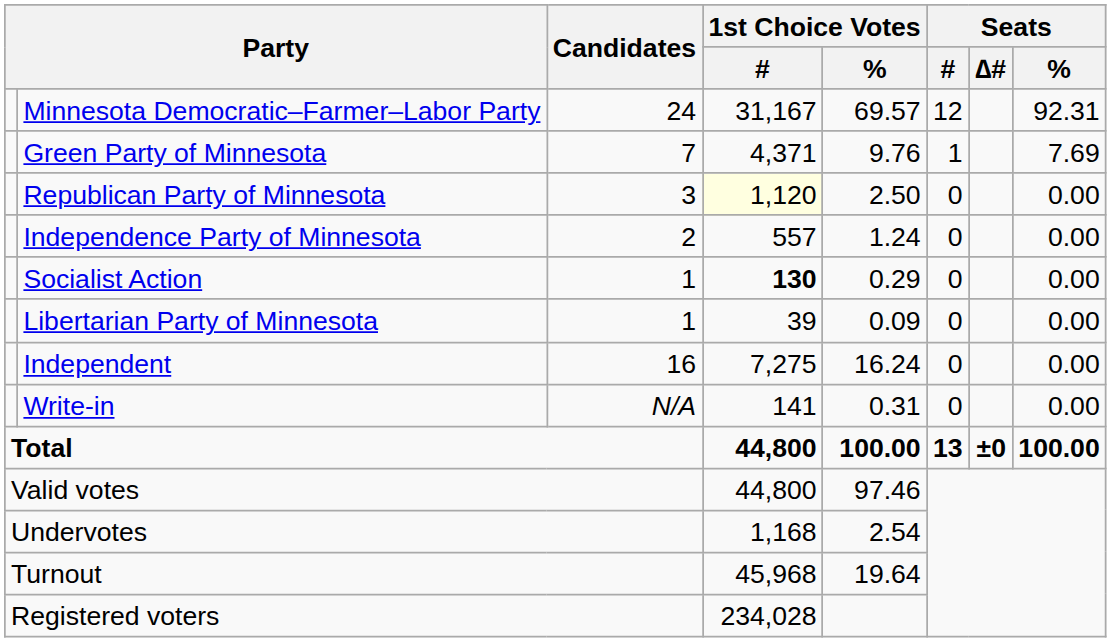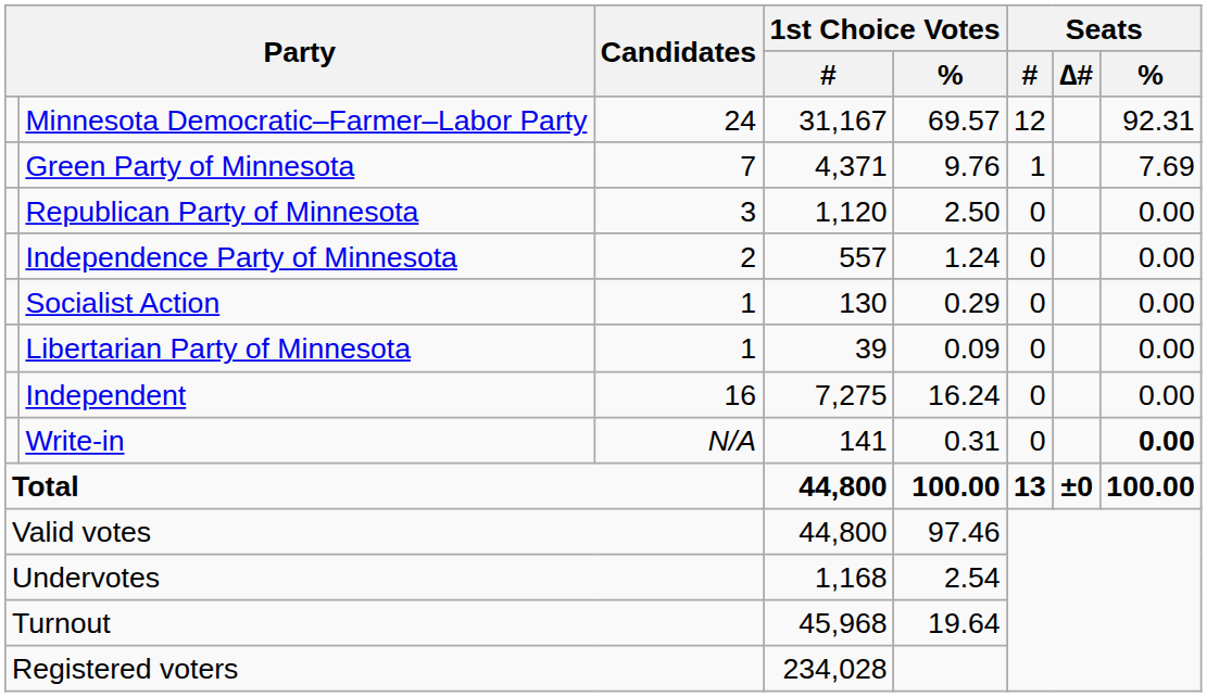 <table class="wikitable" style="font-size:95%">
 <tr>
 <th rowspan="2" colspan="2">Party</th>
 <th rowspan="2">Candidates</th>
 <th colspan="2">1st Choice Votes</th>
 <th colspan="3">Seats</th>
 </tr>
 <tr>
 <th>#</th>
 <th>%</th>
 <th>#</th>
 <th>∆#</th>
 <th>%</th>
 </tr>
 <tr>
 <td style="background-color:"></td>
 <td><a href='#'>Minnesota Democratic–Farmer–Labor Party</a></td>
 <td align="right">24</td>
 <td align="right">31,167</td>
 <td align="right">69.57</td>
 <td align="right">12</td>
 <td align="right"></td>
 <td align="right">92.31</td>
 </tr>
 <tr>
 <td style="background-color:"></td>
 <td><a href='#'>Green Party of Minnesota</a></td>
 <td align="right">7</td>
 <td align="right">4,371</td>
 <td align="right">9.76</td>
 <td align="right">1</td>
 <td align="right"></td>
 <td align="right">7.69</td>
 </tr>
 <tr>
 <td style="background-color:"></td>
 <td><a href='#'>Republican Party of Minnesota</a></td>
 <td align="right">3</td>
-<td align="right" style="background: lightyellow;">1,120</td>
+<td align="right">1,120</td>
 <td align="right">2.50</td>
 <td align="right">0</td>
 <td align="right"></td>
 <td align="right">0.00</td>
 </tr>
 <tr>
 <td style="background-color:"></td>
 <td><a href='#'>Independence Party of Minnesota</a></td>
 <td align="right">2</td>
 <td align="right">557</td>
 <td align="right">1.24</td>
 <td align="right">0</td>
 <td align="right"></td>
 <td align="right">0.00</td>
 </tr>
 <tr>
 <td style="background-color:"></td>
 <td><a href='#'>Socialist Action</a></td>
 <td align="right">1</td>
-<td align="right"><strong>130</strong></td>
+<td align="right">130</td>
 <td align="right">0.29</td>
 <td align="right">0</td>
 <td align="right"></td>
 <td align="right">0.00</td>
 </tr>
 <tr>
 <td style="background-color:"></td>
 <td><a href='#'>Libertarian Party of Minnesota</a></td>
 <td align="right">1</td>
 <td align="right">39</td>
 <td align="right">0.09</td>
 <td align="right">0</td>
 <td align="right"></td>
 <td align="right">0.00</td>
 </tr>
 <tr>
 <td style="background-color:"></td>
 <td><a href='#'>Independent</a></td>
 <td align="right">16</td>
 <td align="right">7,275</td>
 <td align="right">16.24</td>
 <td align="right">0</td>
 <td align="right"></td>
 <td align="right">0.00</td>
 </tr>
 <tr>
 <td style="background-color:"></td>
 <td><a href='#'>Write-in</a></td>
 <td align="right"><em>N/A</em></td>
 <td align="right">141</td>
 <td align="right">0.31</td>
 <td align="right">0</td>
 <td align="right"></td>
-<td align="right">0.00</td>
+<td align="right"><strong>0.00</strong></td>
 </tr>
 <tr>
 <td colspan="3" align="left"><strong>Total</strong></td>
 <td align="right"><strong>44,800</strong></td>
 <td align="right"><strong>100.00</strong></td>
 <td align="right"><strong>13</strong></td>
 <td align="right"><strong>±0</strong></td>
 <td align="right"><strong>100.00</strong></td>
 </tr>
 <tr>
 <td colspan="3" align="left">Valid votes</td>
 <td colspan="1" align="right">44,800</td>
 <td colspan="1" align="right">97.46</td>
 </tr>
 <tr>
 <td colspan="3" align="left">Undervotes</td>
 <td colspan="1" align="right">1,168</td>
 <td colspan="1" align="right">2.54</td>
 </tr>
 <tr>
 <td colspan="3" align="left">Turnout</td>
 <td colspan="1" align="right">45,968</td>
 <td colspan="1" align="right">19.64</td>
 </tr>
 <tr>
 <td colspan="3" align="left">Registered voters</td>
 <td colspan="1" align="right">234,028</td>
 <td colspan="1" align="right"></td>
 </tr>
 </table>
